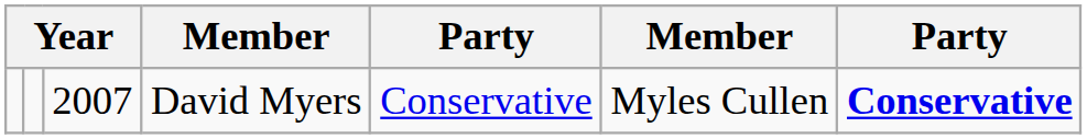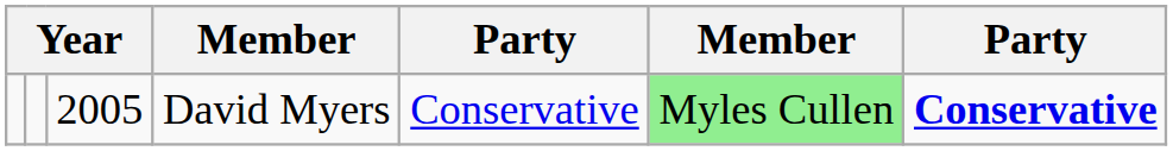 <table class="wikitable">
 <tr>
 <th colspan="3">Year</th>
 <th>Member</th>
 <th>Party</th>
 <th>Member</th>
 <th>Party</th>
 </tr>
 <tr>
 <td style="background-color: "></td>
 <td style="background-color: "></td>
-<td>2007</td>
+<td>2005</td>
 <td>David Myers</td>
 <td><a href='#'>Conservative</a></td>
-<td>Myles Cullen</td>
+<td style="background: lightgreen;">Myles Cullen</td>
 <td><strong><a href='#'>Conservative</a></strong></td>
 </tr>
 </table>
